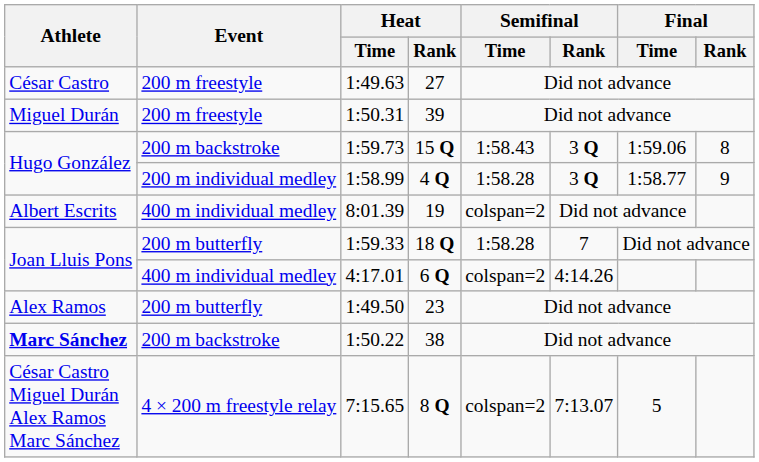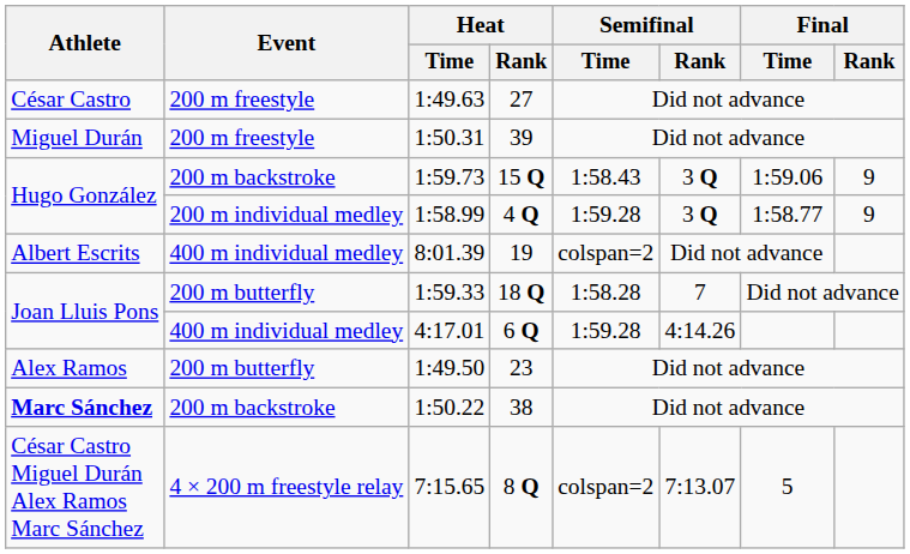 <table class=wikitable style="font-size:90%">
 <tr>
 <th rowspan="2">Athlete</th>
 <th rowspan="2">Event</th>
 <th colspan="2">Heat</th>
 <th colspan="2">Semifinal</th>
 <th colspan="2">Final</th>
 </tr>
 <tr style="font-size:95%">
 <th>Time</th>
 <th>Rank</th>
 <th>Time</th>
 <th>Rank</th>
 <th>Time</th>
 <th>Rank</th>
 </tr>
 <tr align=center>
 <td align=left><a href='#'>César Castro</a></td>
 <td align=left><a href='#'>200 m freestyle</a></td>
 <td>1:49.63</td>
 <td>27</td>
 <td colspan=4>Did not advance</td>
 </tr>
 <tr align=center>
 <td align=left><a href='#'>Miguel Durán</a></td>
 <td align=left><a href='#'>200 m freestyle</a></td>
 <td>1:50.31</td>
 <td>39</td>
 <td colspan=4>Did not advance</td>
 </tr>
 <tr align=center>
 <td align=left rowspan=2><a href='#'>Hugo González</a></td>
 <td align=left><a href='#'>200 m backstroke</a></td>
 <td>1:59.73</td>
 <td>15 <strong>Q</strong></td>
 <td>1:58.43</td>
 <td>3 <strong>Q</strong></td>
 <td>1:59.06</td>
-<td>8</td>
+<td>9</td>
 </tr>
 <tr align=center>
 <td align=left><a href='#'>200 m individual medley</a></td>
 <td>1:58.99</td>
 <td>4 <strong>Q</strong></td>
-<td>1:58.28</td>
+<td>1:59.28</td>
 <td>3 <strong>Q</strong></td>
 <td>1:58.77</td>
 <td>9</td>
 </tr>
 <tr align=center>
 <td align=left><a href='#'>Albert Escrits</a></td>
 <td align=left><a href='#'>400 m individual medley</a></td>
 <td>8:01.39</td>
 <td>19</td>
 <td>colspan=2 </td>
 <td colspan=2>Did not advance</td>
 </tr>
 <tr align=center>
 <td align=left rowspan=2><a href='#'>Joan Lluis Pons</a></td>
 <td align=left><a href='#'>200 m butterfly</a></td>
 <td>1:59.33</td>
 <td>18 <strong>Q</strong></td>
 <td>1:58.28</td>
 <td>7</td>
 <td colspan=2>Did not advance</td>
 </tr>
 <tr align=center>
 <td align=left><a href='#'>400 m individual medley</a></td>
 <td>4:17.01</td>
 <td>6 <strong>Q</strong></td>
-<td>colspan=2 </td>
+<td>1:59.28</td>
 <td>4:14.26</td>
 <td></td>
 </tr>
 <tr align=center>
 <td align=left><a href='#'>Alex Ramos</a></td>
 <td align=left><a href='#'>200 m butterfly</a></td>
 <td>1:49.50</td>
 <td>23</td>
 <td colspan=4>Did not advance</td>
 </tr>
 <tr align=center>
 <td align=left><strong><a href='#'>Marc Sánchez</a></strong></td>
 <td align=left><a href='#'>200 m backstroke</a></td>
 <td>1:50.22</td>
 <td>38</td>
 <td colspan=4>Did not advance</td>
 </tr>
 <tr align=center>
 <td align=left><a href='#'>César Castro</a><br><a href='#'>Miguel Durán</a><br><a href='#'>Alex Ramos</a><br><a href='#'>Marc Sánchez</a></td>
 <td align=left><a href='#'>4 × 200 m freestyle relay</a></td>
 <td>7:15.65</td>
 <td>8 <strong>Q</strong></td>
 <td>colspan=2 </td>
 <td>7:13.07</td>
 <td>5</td>
 </tr>
 </table>
